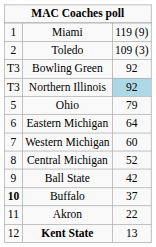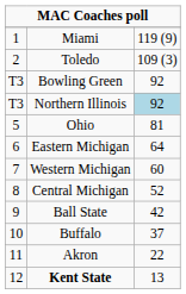 <table class="wikitable" style="display: inline-table;">
 <tr align="center">
 <td align="center" Colspan="3"><strong>MAC Coaches poll</strong></td>
 </tr>
 <tr align="center">
 </tr>
 <tr align="center">
 <td>1</td>
 <td>Miami</td>
 <td>119 (9)</td>
 </tr>
 <tr align="center">
 <td>2</td>
 <td>Toledo</td>
 <td>109 (3)</td>
 </tr>
 <tr align="center">
 <td>T3</td>
 <td>Bowling Green</td>
 <td>92</td>
 </tr>
 <tr align="center">
 <td>T3</td>
 <td>Northern Illinois</td>
 <td style="background: lightblue;">92</td>
 </tr>
 <tr align="center">
 <td>5</td>
 <td>Ohio</td>
-<td>79</td>
+<td>81</td>
 </tr>
 <tr align="center">
 <td>6</td>
 <td>Eastern Michigan</td>
 <td>64</td>
 </tr>
 <tr align="center">
 <td>7</td>
 <td>Western Michigan</td>
 <td>60</td>
 </tr>
 <tr align="center">
 <td>8</td>
 <td>Central Michigan</td>
 <td>52</td>
 </tr>
 <tr align="center">
 <td>9</td>
 <td>Ball State</td>
 <td>42</td>
 </tr>
 <tr align="center">
-<td><strong>10</strong></td>
+<td>10</td>
 <td>Buffalo</td>
 <td>37</td>
 </tr>
 <tr align="center">
 <td>11</td>
 <td>Akron</td>
 <td>22</td>
 </tr>
 <tr align="center">
 <td>12</td>
 <td><strong>Kent State</strong></td>
 <td>13</td>
 </tr>
 </table>
